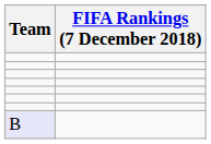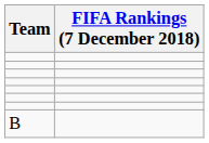 <table class="wikitable sortable" style="text-align: left;">
 <tr>
 <th>Team</th>
 <th><a href='#'>FIFA Rankings</a><br>(7 December 2018)</th>
 </tr>
 <tr>
 <td></td>
 <td></td>
 </tr>
 <tr>
 <td></td>
 <td></td>
 </tr>
 <tr>
 <td></td>
 <td></td>
 </tr>
 <tr>
 <td></td>
 <td></td>
 </tr>
 <tr>
 <td></td>
 <td></td>
 </tr>
 <tr>
 <td></td>
 <td></td>
 </tr>
 <tr>
 <td></td>
 <td></td>
 </tr>
 <tr>
-<td style="background: lavender;"> B</td>
+<td> B</td>
 <td></td>
 </tr>
 </table>
